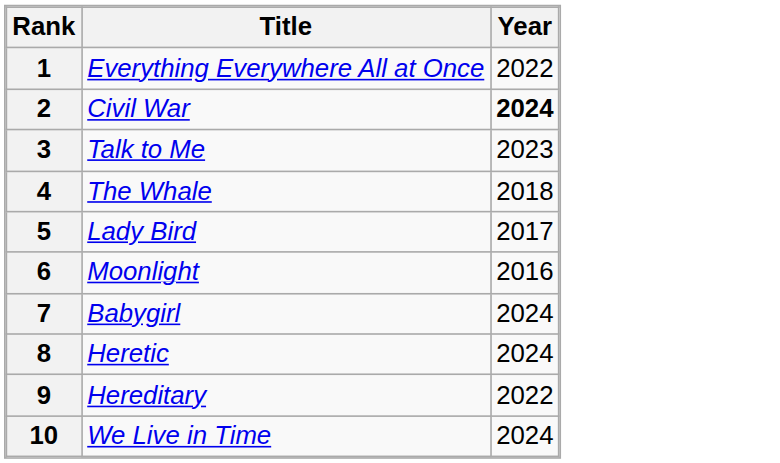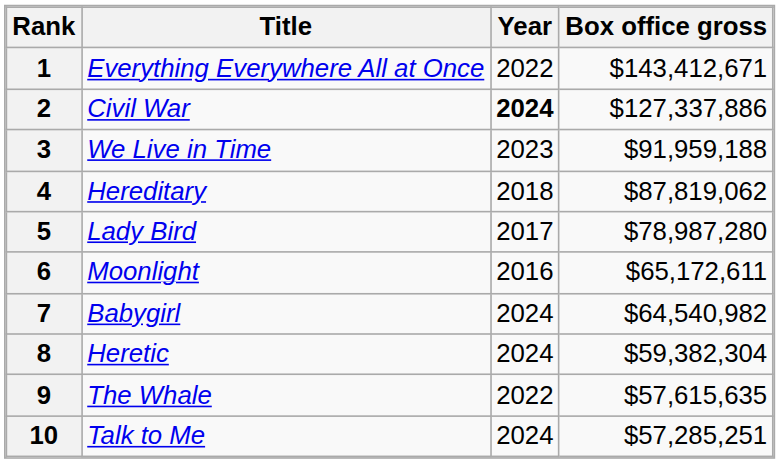 <table class="wikitable sortable plainrowheaders" style="display: inline-block;">
 <tr>
 <th scope="col">Rank</th>
 <th scope="col">Title</th>
 <th scope="col">Year</th>
+<th scope="col">Box office gross</th>
 </tr>
 <tr>
 <th scope="row">1</th>
 <td><em><a href='#'>Everything Everywhere All at Once</a></em></td>
 <td>2022</td>
+<td style="text-align:right">$143,412,671</td>
 </tr>
 <tr>
 <th scope="row">2</th>
 <td><em><a href='#'>Civil War</a></em></td>
 <td><strong>2024</strong></td>
+<td style="text-align:right">$127,337,886</td>
 </tr>
 <tr>
 <th scope="row">3</th>
-<td><em><a href='#'>Talk to Me</a></em></td>
+<td><em><a href='#'>We Live in Time</a></em></td>
 <td>2023</td>
+<td style="text-align:right">$91,959,188</td>
 </tr>
 <tr>
 <th scope="row">4</th>
-<td><em><a href='#'>The Whale</a></em></td>
+<td><em><a href='#'>Hereditary</a></em></td>
 <td>2018</td>
+<td style="text-align:right">$87,819,062</td>
 </tr>
 <tr>
 <th scope="row">5</th>
 <td><em><a href='#'>Lady Bird</a></em></td>
 <td>2017</td>
+<td style="text-align:right">$78,987,280</td>
 </tr>
 <tr>
 <th scope="row">6</th>
 <td><em><a href='#'>Moonlight</a></em></td>
 <td>2016</td>
+<td style="text-align:right">$65,172,611</td>
 </tr>
 <tr>
 <th scope="row">7</th>
 <td><em><a href='#'>Babygirl</a></em></td>
 <td>2024</td>
+<td style="text-align:right">$64,540,982</td>
 </tr>
 <tr>
 <th scope="row">8</th>
 <td><em><a href='#'>Heretic</a></em></td>
 <td>2024</td>
+<td style="text-align:right">$59,382,304</td>
 </tr>
 <tr>
 <th scope="row">9</th>
-<td><em><a href='#'>Hereditary</a></em></td>
+<td><em><a href='#'>The Whale</a></em></td>
 <td>2022</td>
+<td style="text-align:right">$57,615,635</td>
 </tr>
 <tr>
 <th scope="row">10</th>
-<td><em><a href='#'>We Live in Time</a></em></td>
+<td><em><a href='#'>Talk to Me</a></em></td>
 <td>2024</td>
+<td style="text-align:right">$57,285,251</td>
 </tr>
 </table>
